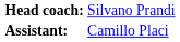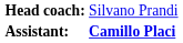 <table>
 <tr>
 <td><strong>Head coach:</strong></td>
 <td><a href='#'>Silvano Prandi</a></td>
 </tr>
 <tr>
 <td><strong>Assistant:</strong></td>
-<td><a href='#'>Camillo Placi</a></td>
+<td><strong><a href='#'>Camillo Placi</a></strong></td>
 </tr>
 </table>
